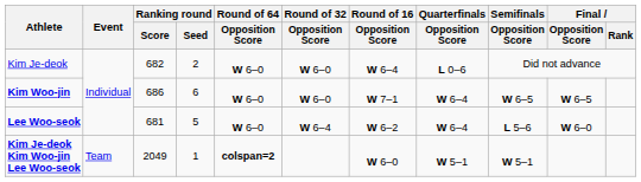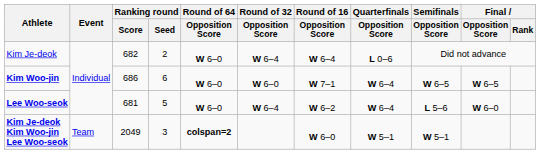 <table class="wikitable" style="font-size:90%; text-align:center">
 <tr>
 <th rowspan=2>Athlete</th>
 <th rowspan=2>Event</th>
 <th colspan="2">Ranking round</th>
 <th>Round of 64</th>
 <th>Round of 32</th>
 <th>Round of 16</th>
 <th>Quarterfinals</th>
 <th>Semifinals</th>
 <th colspan="2">Final / </th>
 </tr>
 <tr style="font-size:95%">
 <th>Score</th>
 <th>Seed</th>
 <th>Opposition<br>Score</th>
 <th>Opposition<br>Score</th>
 <th>Opposition<br>Score</th>
 <th>Opposition<br>Score</th>
 <th>Opposition<br>Score</th>
 <th>Opposition<br>Score</th>
 <th>Rank</th>
 </tr>
 <tr align=center>
 <td align=left><a href='#'>Kim Je-deok</a></td>
 <td align=left rowspan=3><a href='#'>Individual</a></td>
 <td>682</td>
 <td>2</td>
 <td><br><strong>W</strong> 6–0</td>
-<td><br><strong>W</strong> 6–0</td>
+<td><br><strong>W</strong> 6–4</td>
 <td><br><strong>W</strong> 6–4</td>
 <td><br><strong>L</strong> 0–6</td>
 <td colspan="3">Did not advance</td>
 </tr>
 <tr align=center>
 <td align=left><strong><a href='#'>Kim Woo-jin</a></strong></td>
 <td>686</td>
 <td>6</td>
 <td><br><strong>W</strong> 6–0</td>
 <td><br><strong>W</strong> 6–0</td>
 <td><br><strong>W</strong> 7–1</td>
 <td><br><strong>W</strong> 6–4</td>
 <td><br><strong>W</strong> 6–5</td>
 <td><br><strong>W</strong> 6–5</td>
 <td></td>
 </tr>
 <tr align=center>
 <td align=left><strong><a href='#'>Lee Woo-seok</a></strong></td>
 <td>681</td>
 <td>5</td>
 <td><br><strong>W</strong> 6–0</td>
 <td><br><strong>W</strong> 6–4</td>
 <td><br><strong>W</strong> 6–2</td>
 <td><br><strong>W</strong> 6–4</td>
 <td><br><strong>L</strong> 5–6</td>
 <td><br><strong>W</strong> 6–0</td>
 <td></td>
 </tr>
 <tr align=center>
 <td align=left><strong><a href='#'>Kim Je-deok</a><br><a href='#'>Kim Woo-jin</a><br><a href='#'>Lee Woo-seok</a></strong></td>
 <td align=left><a href='#'>Team</a></td>
 <td>2049</td>
-<td>1</td>
+<td>3</td>
 <td><strong>colspan=2 </strong></td>
 <td></td>
 <td><br><strong>W</strong> 6–0</td>
 <td><br><strong>W</strong> 5–1</td>
 <td><br><strong>W</strong> 5–1</td>
 <td></td>
 </tr>
 </table>
